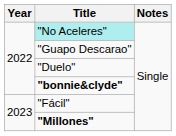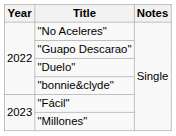 <table class="wikitable">
 <tr>
 <th>Year</th>
 <th>Title</th>
 <th>Notes</th>
 </tr>
 <tr>
 <td rowspan="4">2022</td>
-<td style="background: paleturquoise;">"No Aceleres"</td>
+<td>"No Aceleres"</td>
 <td rowspan="6">Single</td>
 </tr>
 <tr>
 <td>"Guapo Descarao"</td>
 </tr>
 <tr>
 <td>"Duelo"</td>
 </tr>
 <tr>
-<td><strong>"bonnie&clyde"</strong></td>
+<td>"bonnie&clyde"</td>
 </tr>
 <tr>
 <td rowspan="2">2023</td>
 <td>"Fácil"</td>
 </tr>
 <tr>
-<td><strong>"Millones"</strong></td>
+<td>"Millones"</td>
 </tr>
 </table>
